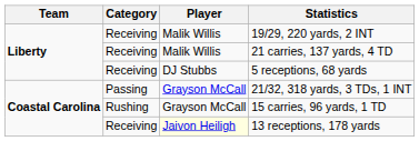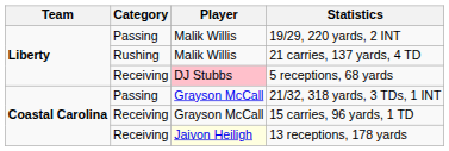 <table class="wikitable" style="float: left;">
 <tr>
 <th>Team</th>
 <th>Category</th>
 <th>Player</th>
 <th>Statistics</th>
 </tr>
 <tr>
 <td rowspan=3><strong>Liberty</strong></td>
-<td>Receiving</td>
+<td>Passing</td>
 <td>Malik Willis</td>
 <td>19/29, 220 yards, 2 INT</td>
 </tr>
 <tr>
-<td>Receiving</td>
+<td>Rushing</td>
 <td>Malik Willis</td>
 <td>21 carries, 137 yards, 4 TD</td>
 </tr>
 <tr>
 <td>Receiving</td>
-<td>DJ Stubbs</td>
+<td style="background: pink;">DJ Stubbs</td>
 <td>5 receptions, 68 yards</td>
 </tr>
 <tr>
 <td rowspan=3><strong>Coastal Carolina</strong></td>
 <td>Passing</td>
 <td><a href='#'>Grayson McCall</a></td>
 <td>21/32, 318 yards, 3 TDs, 1 INT</td>
 </tr>
 <tr>
-<td>Rushing</td>
+<td>Receiving</td>
 <td>Grayson McCall</td>
 <td>15 carries, 96 yards, 1 TD</td>
 </tr>
 <tr>
 <td>Receiving</td>
 <td style="background: lightyellow;"><a href='#'>Jaivon Heiligh</a></td>
 <td>13 receptions, 178 yards</td>
 </tr>
 </table>
